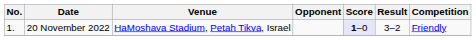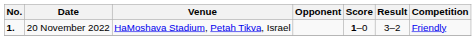 <table class="wikitable">
 <tr>
 <th>No.</th>
 <th>Date</th>
 <th>Venue</th>
 <th>Opponent</th>
 <th>Score</th>
 <th>Result</th>
 <th>Competition</th>
 </tr>
 <tr>
-<td>1.</td>
+<td><strong>1.</strong></td>
 <td>20 November 2022</td>
 <td><a href='#'>HaMoshava Stadium</a>, <a href='#'>Petah Tikva</a>, Israel</td>
 <td></td>
-<td align=center style="background: lavender;"><strong>1</strong>–0</td>
+<td align=center><strong>1</strong>–0</td>
 <td align=center>3–2</td>
 <td><a href='#'>Friendly</a></td>
 </tr>
 <tr>
 </tr>
 </table>
